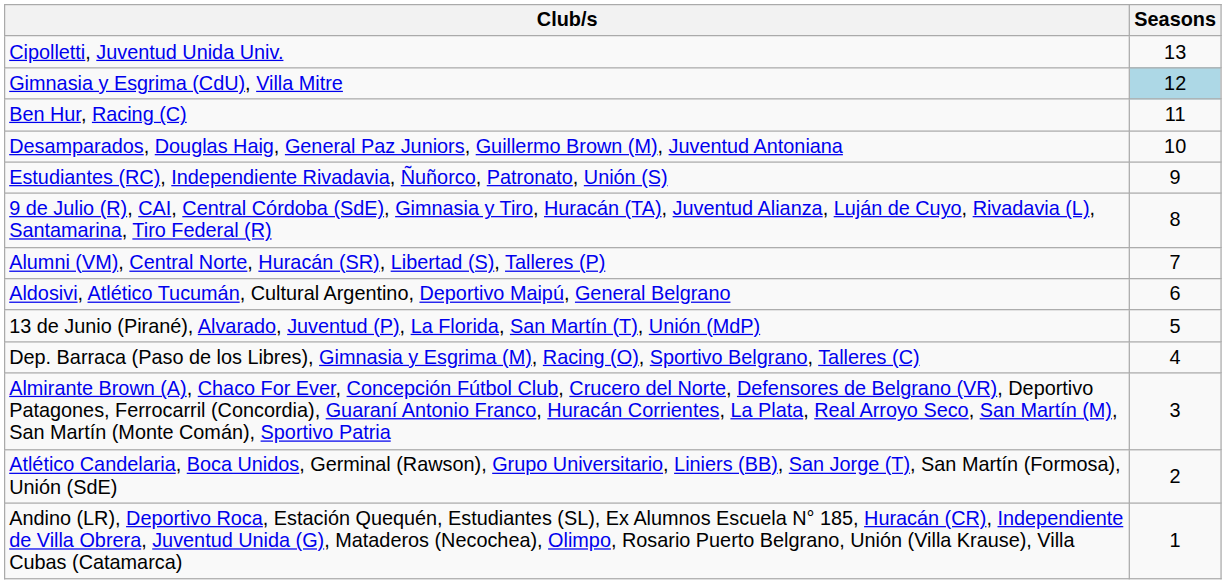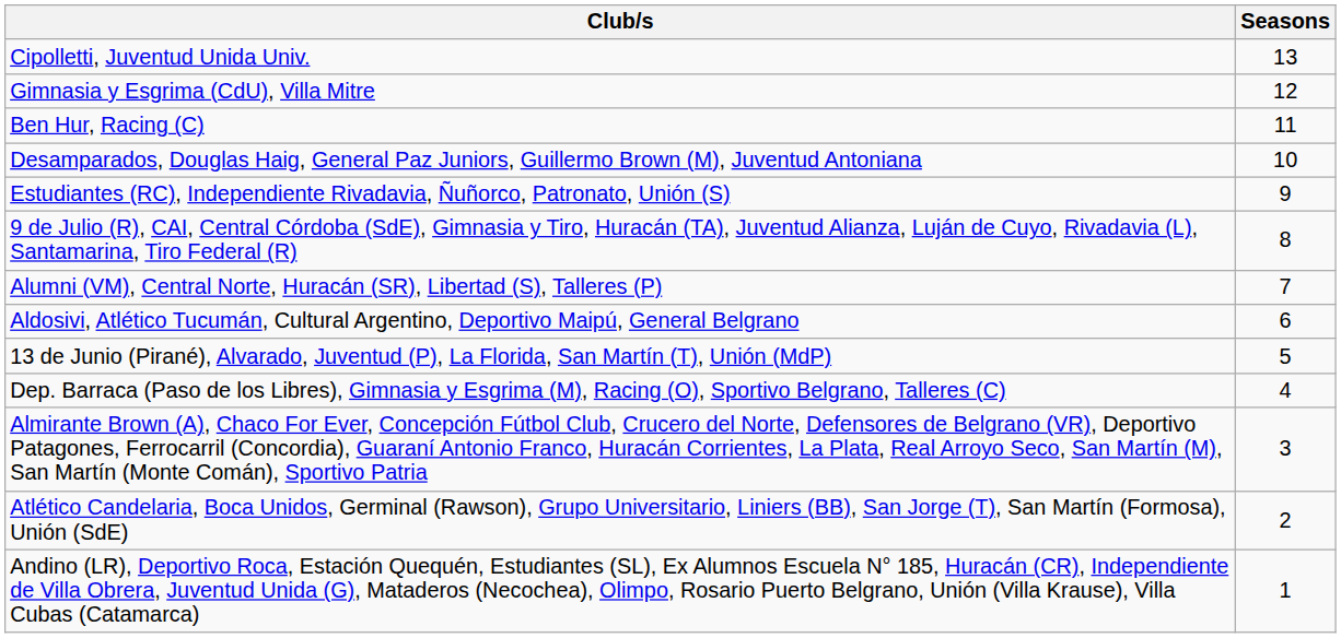 <table class="wikitable ">
 <tr>
 <th width=900px>Club/s</th>
 <th width=60px>Seasons</th>
 </tr>
 <tr>
 <td><a href='#'>Cipolletti</a>, <a href='#'>Juventud Unida Univ.</a></td>
 <td align=center>13</td>
 </tr>
 <tr>
 <td><a href='#'>Gimnasia y Esgrima (CdU)</a>, <a href='#'>Villa Mitre</a></td>
-<td align=center style="background: lightblue;">12</td>
+<td align=center>12</td>
 </tr>
 <tr>
 <td><a href='#'>Ben Hur</a>, <a href='#'>Racing (C)</a></td>
 <td align=center>11</td>
 </tr>
 <tr>
 <td><a href='#'>Desamparados</a>, <a href='#'>Douglas Haig</a>, <a href='#'>General Paz Juniors</a>, <a href='#'>Guillermo Brown (M)</a>, <a href='#'>Juventud Antoniana</a></td>
 <td align=center>10</td>
 </tr>
 <tr>
 <td><a href='#'>Estudiantes (RC)</a>, <a href='#'>Independiente Rivadavia</a>, <a href='#'>Ñuñorco</a>, <a href='#'>Patronato</a>, <a href='#'>Unión (S)</a></td>
 <td align=center>9</td>
 </tr>
 <tr>
 <td><a href='#'>9 de Julio (R)</a>, <a href='#'>CAI</a>, <a href='#'>Central Córdoba (SdE)</a>, <a href='#'>Gimnasia y Tiro</a>, <a href='#'>Huracán (TA)</a>, <a href='#'>Juventud Alianza</a>, <a href='#'>Luján de Cuyo</a>, <a href='#'>Rivadavia (L)</a>, <a href='#'>Santamarina</a>, <a href='#'>Tiro Federal (R)</a></td>
 <td align=center>8</td>
 </tr>
 <tr>
 <td><a href='#'>Alumni (VM)</a>, <a href='#'>Central Norte</a>, <a href='#'>Huracán (SR)</a>, <a href='#'>Libertad (S)</a>, <a href='#'>Talleres (P)</a></td>
 <td align=center>7</td>
 </tr>
 <tr>
 <td><a href='#'>Aldosivi</a>, <a href='#'>Atlético Tucumán</a>, Cultural Argentino, <a href='#'>Deportivo Maipú</a>, <a href='#'>General Belgrano</a></td>
 <td align=center>6</td>
 </tr>
 <tr>
 <td>13 de Junio (Pirané), <a href='#'>Alvarado</a>, <a href='#'>Juventud (P)</a>, <a href='#'>La Florida</a>, <a href='#'>San Martín (T)</a>, <a href='#'>Unión (MdP)</a></td>
 <td align=center>5</td>
 </tr>
 <tr>
 <td>Dep. Barraca (Paso de los Libres), <a href='#'>Gimnasia y Esgrima (M)</a>, <a href='#'>Racing (O)</a>, <a href='#'>Sportivo Belgrano</a>, <a href='#'>Talleres (C)</a></td>
 <td align=center>4</td>
 </tr>
 <tr>
 <td><a href='#'>Almirante Brown (A)</a>, <a href='#'>Chaco For Ever</a>, <a href='#'>Concepción Fútbol Club</a>, <a href='#'>Crucero del Norte</a>, <a href='#'>Defensores de Belgrano (VR)</a>, Deportivo Patagones, Ferrocarril (Concordia), <a href='#'>Guaraní Antonio Franco</a>, <a href='#'>Huracán Corrientes</a>, <a href='#'>La Plata</a>,  <a href='#'>Real Arroyo Seco</a>, <a href='#'>San Martín (M)</a>, San Martín (Monte Comán), <a href='#'>Sportivo Patria</a></td>
 <td align=center>3</td>
 </tr>
 <tr>
 <td><a href='#'>Atlético Candelaria</a>, <a href='#'>Boca Unidos</a>, Germinal (Rawson), <a href='#'>Grupo Universitario</a>, <a href='#'>Liniers (BB)</a>, <a href='#'>San Jorge (T)</a>, San Martín (Formosa), Unión (SdE)</td>
 <td align=center>2</td>
 </tr>
 <tr>
 <td>Andino (LR), <a href='#'>Deportivo Roca</a>, Estación Quequén, Estudiantes (SL), Ex Alumnos Escuela N° 185, <a href='#'>Huracán (CR)</a>, <a href='#'>Independiente de Villa Obrera</a>, <a href='#'>Juventud Unida (G)</a>, Mataderos (Necochea), <a href='#'>Olimpo</a>, Rosario Puerto Belgrano, Unión (Villa Krause), Villa Cubas (Catamarca)</td>
 <td align=center>1</td>
 </tr>
 </table>
